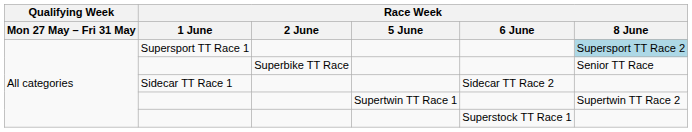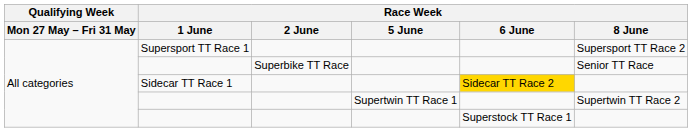 <table class="wikitable">
 <tr>
 <th>Qualifying Week</th>
 <th colspan="5">Race Week</th>
 </tr>
 <tr>
 <th>Mon 27 May – Fri 31 May</th>
 <th>1 June</th>
 <th>2 June</th>
 <th>5 June</th>
 <th>6 June</th>
 <th>8 June</th>
 </tr>
 <tr>
 <td rowspan="5">All categories</td>
 <td>Supersport TT Race 1</td>
 <td></td>
 <td></td>
 <td></td>
-<td style="background: lightblue;">Supersport TT Race 2</td>
+<td>Supersport TT Race 2</td>
 </tr>
 <tr>
 <td></td>
 <td>Superbike TT Race</td>
 <td></td>
 <td></td>
 <td>Senior TT Race</td>
 </tr>
 <tr>
 <td>Sidecar TT Race 1</td>
 <td></td>
 <td></td>
-<td>Sidecar TT Race 2</td>
+<td style="background: gold;">Sidecar TT Race 2</td>
 <td></td>
 </tr>
 <tr>
 <td></td>
 <td></td>
 <td>Supertwin TT Race 1</td>
 <td></td>
 <td>Supertwin TT Race 2</td>
 </tr>
 <tr>
 <td></td>
 <td></td>
 <td></td>
 <td>Superstock TT Race 1</td>
 <td></td>
 </tr>
 </table>
